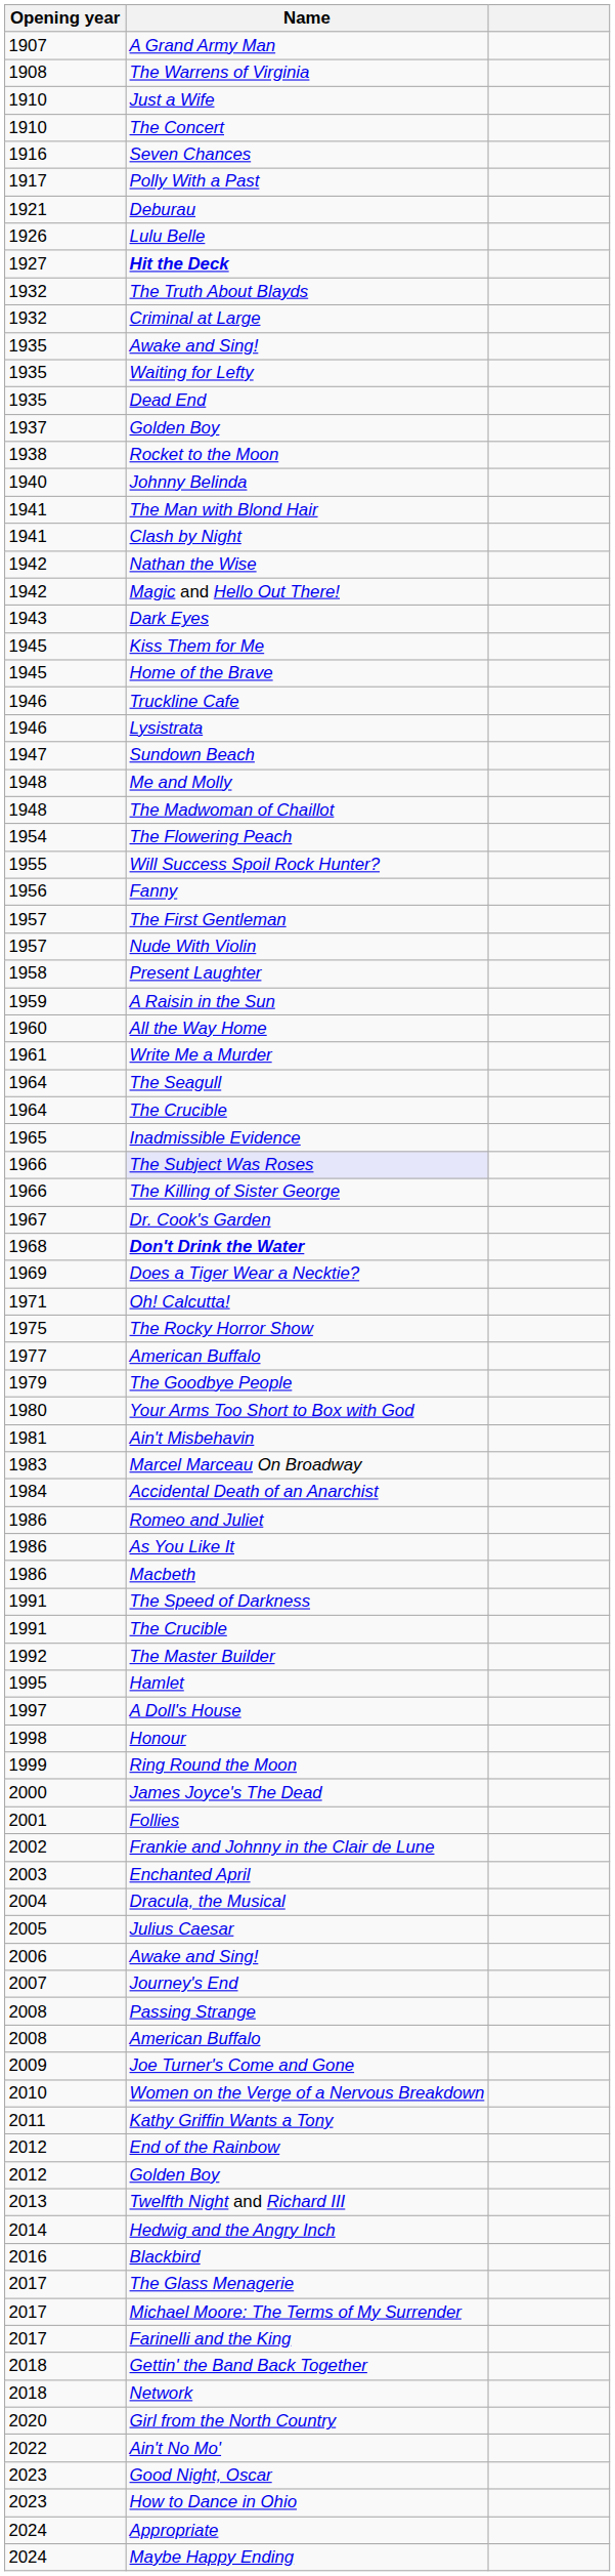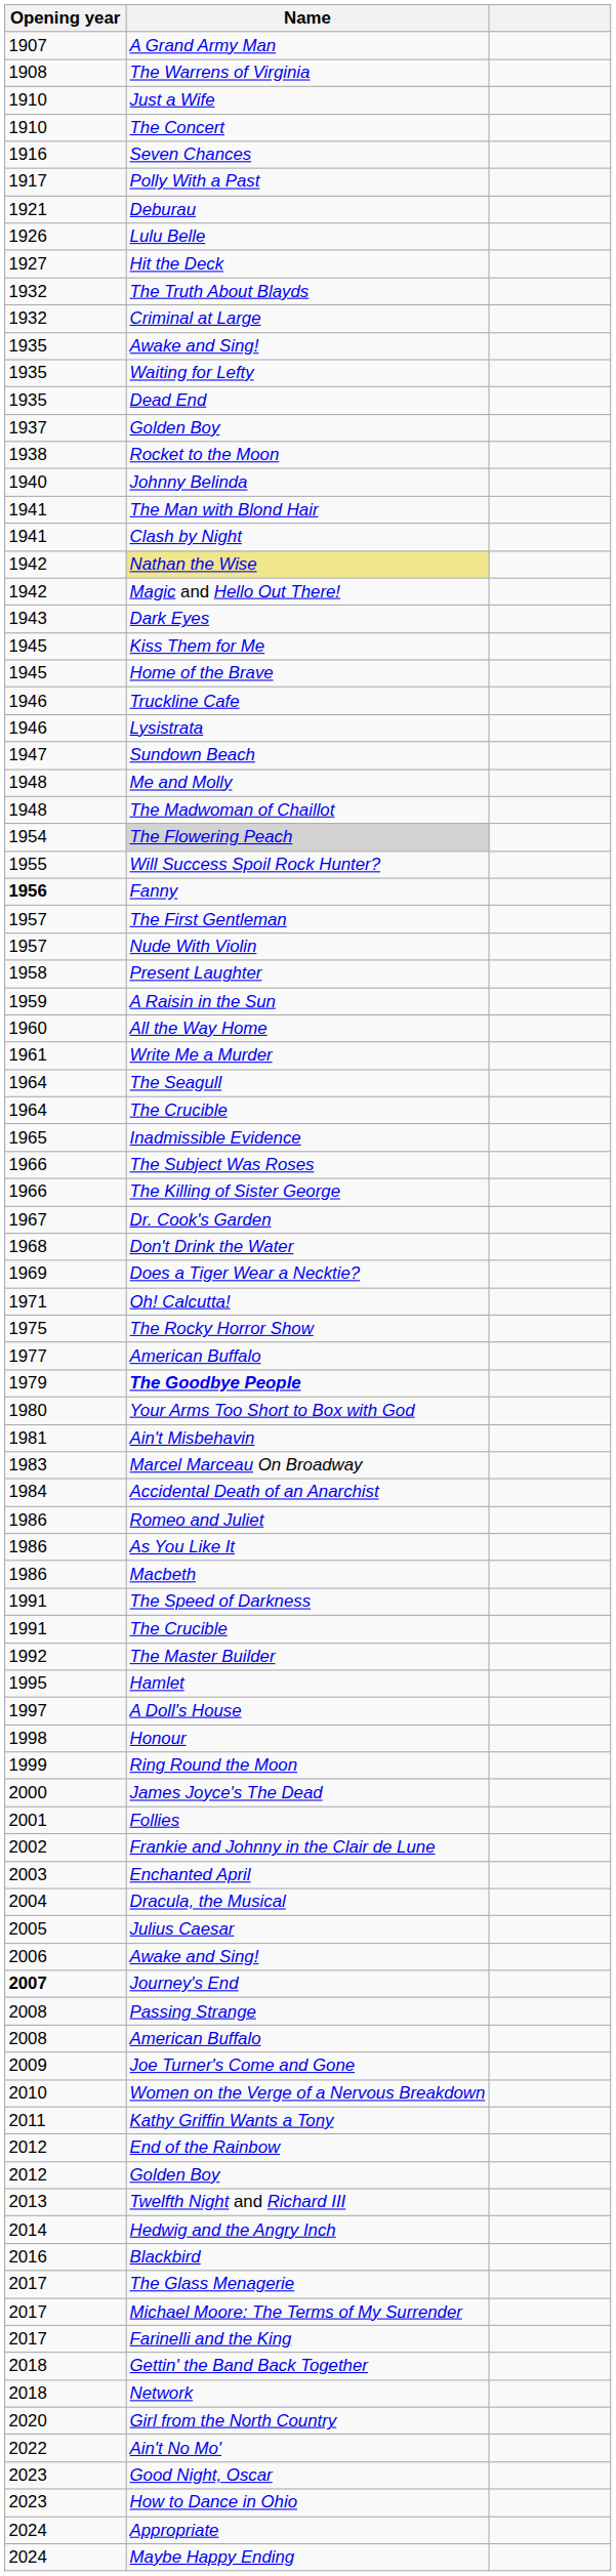 <table class="wikitable sortable collapsible">
 <tr>
 <th width=20% scope="col">Opening year</th>
 <th width=60% scope="col">Name</th>
 <th width=20% scope="col" class="unsortable"></th>
 </tr>
 <tr>
 <td>1907</td>
 <td><em><a href='#'>A Grand Army Man</a></em></td>
 <td></td>
 </tr>
 <tr>
 <td>1908</td>
 <td><em><a href='#'>The Warrens of Virginia</a></em></td>
 <td></td>
 </tr>
 <tr>
 <td>1910</td>
 <td><em><a href='#'>Just a Wife</a></em></td>
 <td></td>
 </tr>
 <tr>
 <td>1910</td>
 <td><em><a href='#'>The Concert</a></em></td>
 <td></td>
 </tr>
 <tr>
 <td>1916</td>
 <td><em><a href='#'>Seven Chances</a></em></td>
 <td></td>
 </tr>
 <tr>
 <td>1917</td>
 <td><em><a href='#'>Polly With a Past</a></em></td>
 <td></td>
 </tr>
 <tr>
 <td>1921</td>
 <td><em><a href='#'>Deburau</a></em></td>
 <td></td>
 </tr>
 <tr>
 <td>1926</td>
 <td><em><a href='#'>Lulu Belle</a></em></td>
 <td></td>
 </tr>
 <tr>
 <td>1927</td>
-<td><strong><em><a href='#'>Hit the Deck</a></em></strong></td>
+<td><em><a href='#'>Hit the Deck</a></em></td>
 <td></td>
 </tr>
 <tr>
 <td>1932</td>
 <td><em><a href='#'>The Truth About Blayds</a></em></td>
 <td></td>
 </tr>
 <tr>
 <td>1932</td>
 <td><em><a href='#'>Criminal at Large</a></em></td>
 <td></td>
 </tr>
 <tr>
 <td>1935</td>
 <td><em><a href='#'>Awake and Sing!</a></em></td>
 <td></td>
 </tr>
 <tr>
 <td>1935</td>
 <td><em><a href='#'>Waiting for Lefty</a></em></td>
 <td></td>
 </tr>
 <tr>
 <td>1935</td>
 <td><em><a href='#'>Dead End</a></em></td>
 <td></td>
 </tr>
 <tr>
 <td>1937</td>
 <td><em><a href='#'>Golden Boy</a></em></td>
 <td></td>
 </tr>
 <tr>
 <td>1938</td>
 <td><em><a href='#'>Rocket to the Moon</a></em></td>
 <td></td>
 </tr>
 <tr>
 <td>1940</td>
 <td><em><a href='#'>Johnny Belinda</a></em></td>
 <td></td>
 </tr>
 <tr>
 <td>1941</td>
 <td><em><a href='#'>The Man with Blond Hair</a></em></td>
 <td></td>
 </tr>
 <tr>
 <td>1941</td>
 <td><em><a href='#'>Clash by Night</a></em></td>
 <td></td>
 </tr>
 <tr>
 <td>1942</td>
-<td><em><a href='#'>Nathan the Wise</a></em></td>
+<td style="background: khaki;"><em><a href='#'>Nathan the Wise</a></em></td>
 <td></td>
 </tr>
 <tr>
 <td>1942</td>
 <td><em><a href='#'>Magic</a></em> and <em><a href='#'>Hello Out There!</a></em></td>
 <td></td>
 </tr>
 <tr>
 <td>1943</td>
 <td><em><a href='#'>Dark Eyes</a></em></td>
 <td></td>
 </tr>
 <tr>
 <td>1945</td>
 <td><em><a href='#'>Kiss Them for Me</a></em></td>
 <td></td>
 </tr>
 <tr>
 <td>1945</td>
 <td><em><a href='#'>Home of the Brave</a></em></td>
 <td></td>
 </tr>
 <tr>
 <td>1946</td>
 <td><em><a href='#'>Truckline Cafe</a></em></td>
 <td></td>
 </tr>
 <tr>
 <td>1946</td>
 <td><em><a href='#'>Lysistrata</a></em></td>
 <td></td>
 </tr>
 <tr>
 <td>1947</td>
 <td><em><a href='#'>Sundown Beach</a></em></td>
 <td></td>
 </tr>
 <tr>
 <td>1948</td>
 <td><em><a href='#'>Me and Molly</a></em></td>
 <td></td>
 </tr>
 <tr>
 <td>1948</td>
 <td><em><a href='#'>The Madwoman of Chaillot</a></em></td>
 <td></td>
 </tr>
 <tr>
 <td>1954</td>
-<td><em><a href='#'>The Flowering Peach</a></em></td>
+<td style="background: lightgrey;"><em><a href='#'>The Flowering Peach</a></em></td>
 <td></td>
 </tr>
 <tr>
 <td>1955</td>
 <td><em><a href='#'>Will Success Spoil Rock Hunter?</a></em></td>
 <td></td>
 </tr>
 <tr>
-<td>1956</td>
+<td><strong>1956</strong></td>
 <td><em><a href='#'>Fanny</a></em></td>
 <td></td>
 </tr>
 <tr>
 <td>1957</td>
 <td><em><a href='#'>The First Gentleman</a></em></td>
 <td></td>
 </tr>
 <tr>
 <td>1957</td>
 <td><em><a href='#'>Nude With Violin</a></em></td>
 <td></td>
 </tr>
 <tr>
 <td>1958</td>
 <td><em><a href='#'>Present Laughter</a></em></td>
 <td></td>
 </tr>
 <tr>
 <td>1959</td>
 <td><em><a href='#'>A Raisin in the Sun</a></em></td>
 <td></td>
 </tr>
 <tr>
 <td>1960</td>
 <td><em><a href='#'>All the Way Home</a></em></td>
 <td></td>
 </tr>
 <tr>
 <td>1961</td>
 <td><em><a href='#'>Write Me a Murder</a></em></td>
 <td></td>
 </tr>
 <tr>
 <td>1964</td>
 <td><em><a href='#'>The Seagull</a></em></td>
 <td></td>
 </tr>
 <tr>
 <td>1964</td>
 <td><em><a href='#'>The Crucible</a></em></td>
 <td></td>
 </tr>
 <tr>
 <td>1965</td>
 <td><em><a href='#'>Inadmissible Evidence</a></em></td>
 <td></td>
 </tr>
 <tr>
 <td>1966</td>
-<td style="background: lavender;"><em><a href='#'>The Subject Was Roses</a></em></td>
+<td><em><a href='#'>The Subject Was Roses</a></em></td>
 <td></td>
 </tr>
 <tr>
 <td>1966</td>
 <td><em><a href='#'>The Killing of Sister George</a></em></td>
 <td></td>
 </tr>
 <tr>
 <td>1967</td>
 <td><em><a href='#'>Dr. Cook's Garden</a></em></td>
 <td></td>
 </tr>
 <tr>
 <td>1968</td>
-<td><strong><em><a href='#'>Don't Drink the Water</a></em></strong></td>
+<td><em><a href='#'>Don't Drink the Water</a></em></td>
 <td></td>
 </tr>
 <tr>
 <td>1969</td>
 <td><em><a href='#'>Does a Tiger Wear a Necktie?</a></em></td>
 <td></td>
 </tr>
 <tr>
 <td>1971</td>
 <td><em><a href='#'>Oh! Calcutta!</a></em></td>
 <td></td>
 </tr>
 <tr>
 <td>1975</td>
 <td><em><a href='#'>The Rocky Horror Show</a></em></td>
 <td></td>
 </tr>
 <tr>
 <td>1977</td>
 <td><em><a href='#'>American Buffalo</a></em></td>
 <td></td>
 </tr>
 <tr>
 <td>1979</td>
-<td><em><a href='#'>The Goodbye People</a></em></td>
+<td><strong><em><a href='#'>The Goodbye People</a></em></strong></td>
 <td></td>
 </tr>
 <tr>
 <td>1980</td>
 <td><em><a href='#'>Your Arms Too Short to Box with God</a></em></td>
 <td></td>
 </tr>
 <tr>
 <td>1981</td>
 <td><em><a href='#'>Ain't Misbehavin</a></em></td>
 <td></td>
 </tr>
 <tr>
 <td>1983</td>
 <td><em><a href='#'>Marcel Marceau</a> On Broadway</em></td>
 <td></td>
 </tr>
 <tr>
 <td>1984</td>
 <td><em><a href='#'>Accidental Death of an Anarchist</a></em></td>
 <td></td>
 </tr>
 <tr>
 <td>1986</td>
 <td><em><a href='#'>Romeo and Juliet</a></em></td>
 <td></td>
 </tr>
 <tr>
 <td>1986</td>
 <td><em><a href='#'>As You Like It</a></em></td>
 <td></td>
 </tr>
 <tr>
 <td>1986</td>
 <td><em><a href='#'>Macbeth</a></em></td>
 <td></td>
 </tr>
 <tr>
 <td>1991</td>
 <td><em><a href='#'>The Speed of Darkness</a></em></td>
 <td></td>
 </tr>
 <tr>
 <td>1991</td>
 <td><em><a href='#'>The Crucible</a></em></td>
 <td></td>
 </tr>
 <tr>
 <td>1992</td>
 <td><em><a href='#'>The Master Builder</a></em></td>
 <td></td>
 </tr>
 <tr>
 <td>1995</td>
 <td><em><a href='#'>Hamlet</a></em></td>
 <td></td>
 </tr>
 <tr>
 <td>1997</td>
 <td><em><a href='#'>A Doll's House</a></em></td>
 <td></td>
 </tr>
 <tr>
 <td>1998</td>
 <td><em><a href='#'>Honour</a></em></td>
 <td></td>
 </tr>
 <tr>
 <td>1999</td>
 <td><em><a href='#'>Ring Round the Moon</a></em></td>
 <td></td>
 </tr>
 <tr>
 <td>2000</td>
 <td><em><a href='#'>James Joyce's The Dead</a></em></td>
 <td></td>
 </tr>
 <tr>
 <td>2001</td>
 <td><em><a href='#'>Follies</a></em></td>
 <td></td>
 </tr>
 <tr>
 <td>2002</td>
 <td><em><a href='#'>Frankie and Johnny in the Clair de Lune</a></em></td>
 <td></td>
 </tr>
 <tr>
 <td>2003</td>
 <td><em><a href='#'>Enchanted April</a></em></td>
 <td></td>
 </tr>
 <tr>
 <td>2004</td>
 <td><em><a href='#'>Dracula, the Musical</a></em></td>
 <td></td>
 </tr>
 <tr>
 <td>2005</td>
 <td><em><a href='#'>Julius Caesar</a></em></td>
 <td></td>
 </tr>
 <tr>
 <td>2006</td>
 <td><em><a href='#'>Awake and Sing!</a></em></td>
 <td></td>
 </tr>
 <tr>
-<td>2007</td>
+<td><strong>2007</strong></td>
 <td><em><a href='#'>Journey's End</a></em></td>
 <td></td>
 </tr>
 <tr>
 <td>2008</td>
 <td><em><a href='#'>Passing Strange</a></em></td>
 <td></td>
 </tr>
 <tr>
 <td>2008</td>
 <td><em><a href='#'>American Buffalo</a></em></td>
 <td></td>
 </tr>
 <tr>
 <td>2009</td>
 <td><em><a href='#'>Joe Turner's Come and Gone</a></em></td>
 <td></td>
 </tr>
 <tr>
 <td>2010</td>
 <td><em><a href='#'>Women on the Verge of a Nervous Breakdown</a></em></td>
 <td></td>
 </tr>
 <tr>
 <td>2011</td>
 <td><em><a href='#'>Kathy Griffin Wants a Tony</a></em></td>
 <td></td>
 </tr>
 <tr>
 <td>2012</td>
 <td><em><a href='#'>End of the Rainbow</a></em></td>
 <td></td>
 </tr>
 <tr>
 <td>2012</td>
 <td><em><a href='#'>Golden Boy</a></em></td>
 <td></td>
 </tr>
 <tr>
 <td>2013</td>
 <td><em><a href='#'>Twelfth Night</a></em> and <em><a href='#'>Richard III</a></em></td>
 <td></td>
 </tr>
 <tr>
 <td>2014</td>
 <td><em><a href='#'>Hedwig and the Angry Inch</a></em></td>
 <td></td>
 </tr>
 <tr>
 <td>2016</td>
 <td><em><a href='#'>Blackbird</a></em></td>
 <td></td>
 </tr>
 <tr>
 <td>2017</td>
 <td><em><a href='#'>The Glass Menagerie</a></em></td>
 <td></td>
 </tr>
 <tr>
 <td>2017</td>
 <td><em><a href='#'>Michael Moore: The Terms of My Surrender</a></em></td>
 <td></td>
 </tr>
 <tr>
 <td>2017</td>
 <td><em><a href='#'>Farinelli and the King</a></em></td>
 <td></td>
 </tr>
 <tr>
 <td>2018</td>
 <td><em><a href='#'>Gettin' the Band Back Together</a></em></td>
 <td></td>
 </tr>
 <tr>
 <td>2018</td>
 <td><em><a href='#'>Network</a></em></td>
 <td></td>
 </tr>
 <tr>
 <td>2020</td>
 <td><em><a href='#'>Girl from the North Country</a></em></td>
 <td></td>
 </tr>
 <tr>
 <td>2022</td>
 <td><em><a href='#'>Ain't No Mo'</a></em></td>
 <td></td>
 </tr>
 <tr>
 <td>2023</td>
 <td><em><a href='#'>Good Night, Oscar</a></em></td>
 <td></td>
 </tr>
 <tr>
 <td>2023</td>
 <td><em><a href='#'>How to Dance in Ohio</a></em></td>
 <td></td>
 </tr>
 <tr>
 <td>2024</td>
 <td><em><a href='#'>Appropriate</a></em></td>
 <td></td>
 </tr>
 <tr>
 <td>2024</td>
 <td><em><a href='#'>Maybe Happy Ending</a></em></td>
 <td></td>
 </tr>
 </table>
